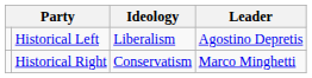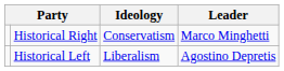 <table class=wikitable>
 <tr>
 <th colspan=2>Party</th>
 <th>Ideology</th>
 <th>Leader</th>
 </tr>
 <tr>
 <td></td>
+<td><a href='#'>Historical Right</a></td>
+<td><a href='#'>Conservatism</a></td>
+<td><a href='#'>Marco Minghetti</a></td>
+</tr>
+<tr>
+<td></td>
 <td><a href='#'>Historical Left</a></td>
 <td><a href='#'>Liberalism</a></td>
 <td><a href='#'>Agostino Depretis</a></td>
 </tr>
-<tr>
-<td></td>
-<td><a href='#'>Historical Right</a></td>
-<td><a href='#'>Conservatism</a></td>
-<td><a href='#'>Marco Minghetti</a></td>
-</tr>
 </table>
